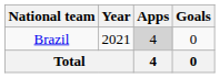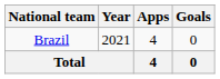 <table class="wikitable" style="text-align:center">
 <tr>
 <th>National team</th>
 <th>Year</th>
 <th>Apps</th>
 <th>Goals</th>
 </tr>
 <tr>
 <td rowspan="1"><a href='#'>Brazil</a></td>
 <td>2021</td>
-<td style="background: lightgrey;">4</td>
+<td>4</td>
 <td>0</td>
 </tr>
 <tr>
 <th colspan="2">Total</th>
 <th>4</th>
 <th>0</th>
 </tr>
 </table>
